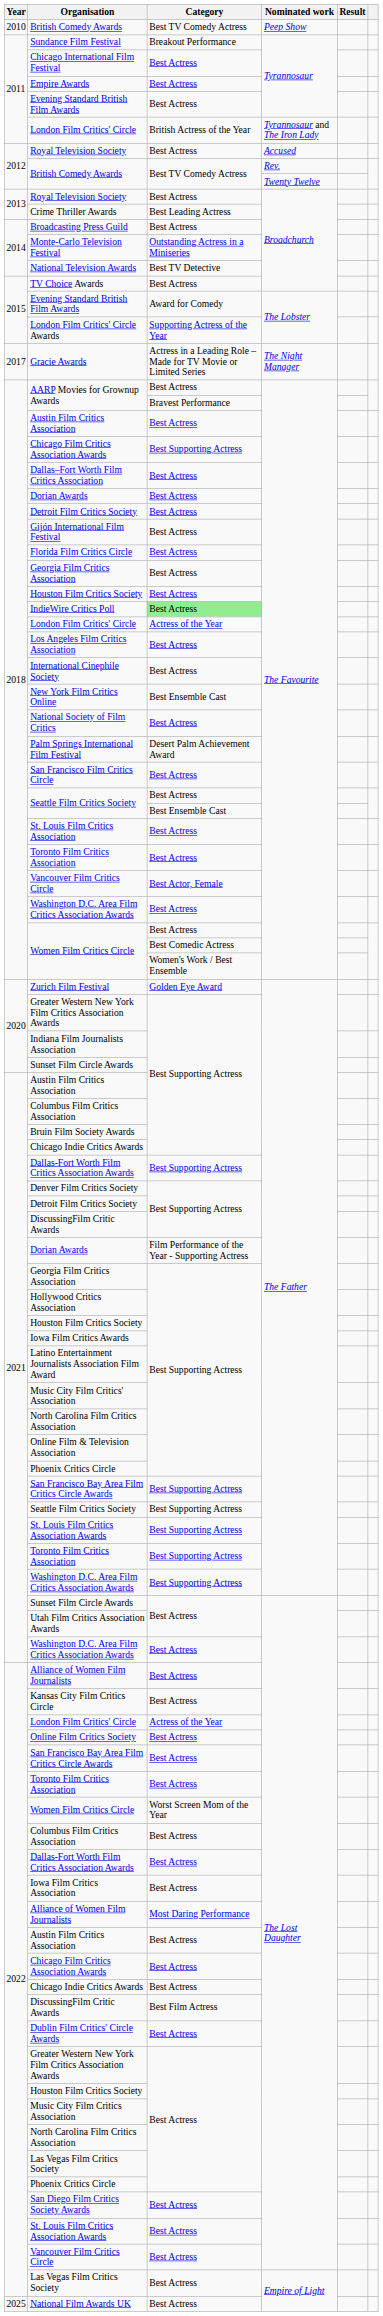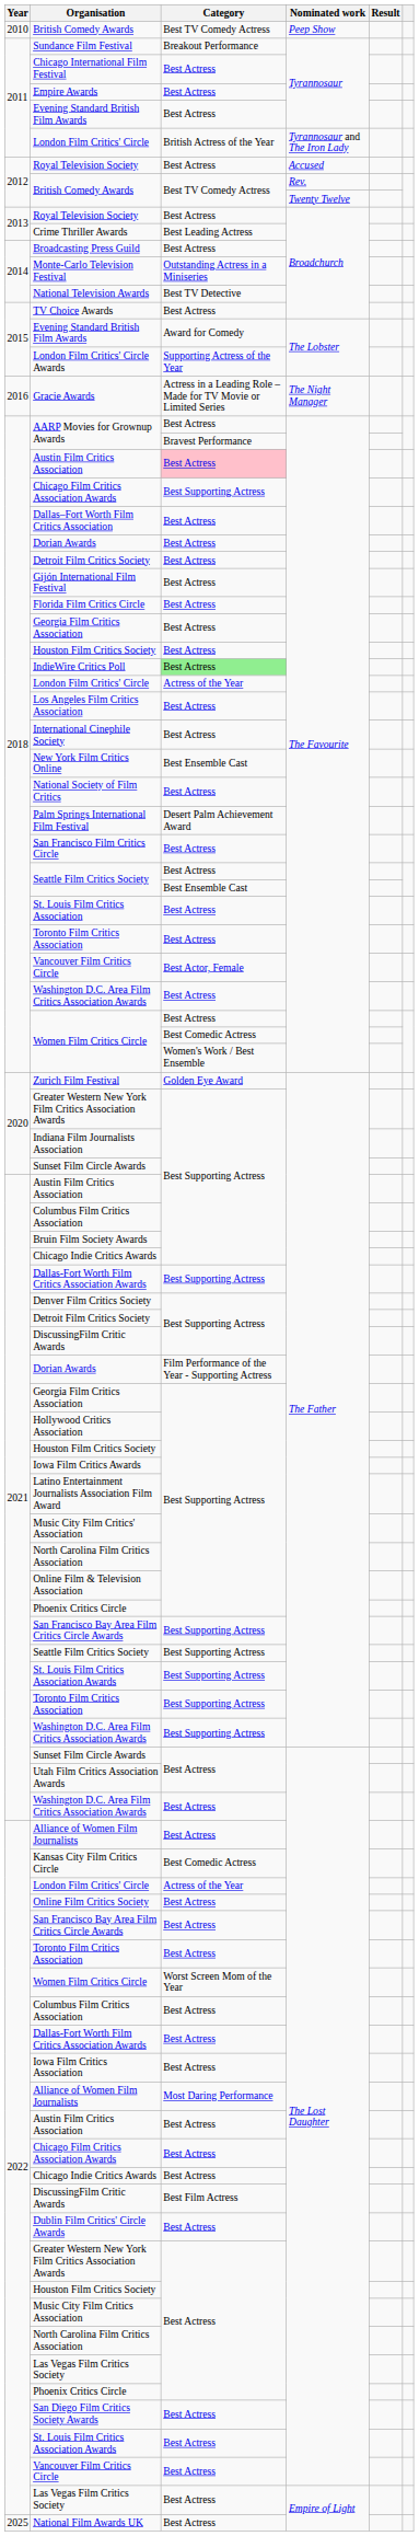 <table class="wikitable sortable" style="width:100%;">
 <tr>
 <th style="width:3%;">Year</th>
 <th style="width:34%;">Organisation</th>
 <th style="width:33%;">Category</th>
 <th style="width:21%;">Nominated work</th>
 <th style="width:6%;">Result</th>
 <th style="width:3%;" class="unsortable"></th>
 </tr>
 <tr>
 <td>2010</td>
 <td><a href='#'>British Comedy Awards</a></td>
 <td>Best TV Comedy Actress</td>
 <td><em><a href='#'>Peep Show</a></em></td>
 <td></td>
 <td style="text-align:center;"></td>
 </tr>
 <tr>
 <td rowspan="5">2011</td>
 <td><a href='#'>Sundance Film Festival</a></td>
 <td>Breakout Performance</td>
 <td rowspan="4"><em><a href='#'>Tyrannosaur</a></em></td>
 <td></td>
 <td style="text-align:center;"></td>
 </tr>
 <tr>
 <td><a href='#'>Chicago International Film Festival</a></td>
 <td><a href='#'>Best Actress</a></td>
 <td></td>
 <td style="text-align:center;"></td>
 </tr>
 <tr>
 <td><a href='#'>Empire Awards</a></td>
 <td><a href='#'>Best Actress</a></td>
 <td></td>
 <td style="text-align:center;"></td>
 </tr>
 <tr>
 <td><a href='#'>Evening Standard British Film Awards</a></td>
 <td>Best Actress</td>
 <td></td>
 <td style="text-align:center;"></td>
 </tr>
 <tr>
 <td><a href='#'>London Film Critics' Circle</a></td>
 <td>British Actress of the Year</td>
 <td><em><a href='#'>Tyrannosaur</a></em> and <em><a href='#'>The Iron Lady</a></em></td>
 <td></td>
 <td style="text-align:center;"></td>
 </tr>
 <tr>
 <td rowspan="3">2012</td>
 <td><a href='#'>Royal Television Society</a></td>
 <td>Best Actress</td>
 <td><em><a href='#'>Accused</a></em></td>
 <td></td>
 <td style="text-align:center;"></td>
 </tr>
 <tr>
 <td rowspan="2"><a href='#'>British Comedy Awards</a></td>
 <td rowspan="2">Best TV Comedy Actress</td>
 <td><em><a href='#'>Rev.</a></em></td>
 <td></td>
 <td style="text-align:center;" rowspan="2"></td>
 </tr>
 <tr>
 <td rowspan="1"><em><a href='#'>Twenty Twelve</a></em></td>
 <td></td>
 </tr>
 <tr>
 <td rowspan="2">2013</td>
 <td><a href='#'>Royal Television Society</a></td>
 <td>Best Actress</td>
 <td rowspan="6"><em><a href='#'>Broadchurch</a></em></td>
 <td></td>
 <td style="text-align:center;"></td>
 </tr>
 <tr>
 <td>Crime Thriller Awards</td>
 <td>Best Leading Actress</td>
 <td></td>
 <td style="text-align:center;"></td>
 </tr>
 <tr>
 <td rowspan="3">2014</td>
 <td><a href='#'>Broadcasting Press Guild</a></td>
 <td>Best Actress</td>
 <td></td>
 <td style="text-align:center;"></td>
 </tr>
 <tr>
 <td><a href='#'>Monte-Carlo Television Festival</a></td>
 <td><a href='#'>Outstanding Actress in a Miniseries</a></td>
 <td></td>
 <td></td>
 </tr>
 <tr>
 <td><a href='#'>National Television Awards</a></td>
 <td>Best TV Detective</td>
 <td></td>
 <td style="text-align:center;"></td>
 </tr>
 <tr>
 <td rowspan="3">2015</td>
 <td><a href='#'>TV Choice</a> Awards</td>
 <td>Best Actress</td>
 <td></td>
 <td style="text-align:center;"></td>
 </tr>
 <tr>
 <td><a href='#'>Evening Standard British Film Awards</a></td>
 <td>Award for Comedy</td>
 <td rowspan="2"><em><a href='#'>The Lobster</a></em></td>
 <td></td>
 <td style="text-align:center;"></td>
 </tr>
 <tr>
 <td><a href='#'>London Film Critics' Circle</a> Awards</td>
 <td><a href='#'>Supporting Actress of the Year</a></td>
 <td></td>
 <td style="text-align:center;"></td>
 </tr>
 <tr>
-<td>2017</td>
+<td>2016</td>
 <td><a href='#'>Gracie Awards</a></td>
 <td>Actress in a Leading Role – Made for TV Movie or Limited Series</td>
 <td><em><a href='#'>The Night Manager</a></em></td>
 <td></td>
 <td style="text-align:center;"></td>
 </tr>
 <tr>
 <td rowspan="28">2018</td>
 <td rowspan="2"><a href='#'>AARP</a> Movies for Grownup Awards</td>
 <td>Best Actress</td>
 <td rowspan="28"><em><a href='#'>The Favourite</a></em></td>
 <td></td>
 <td style="text-align:center;" rowspan="2"></td>
 </tr>
 <tr>
 <td>Bravest Performance</td>
 <td></td>
 </tr>
 <tr>
 <td><a href='#'>Austin Film Critics Association</a></td>
-<td><a href='#'>Best Actress</a></td>
+<td style="background: pink;"><a href='#'>Best Actress</a></td>
 <td></td>
 <td style="text-align:center;"></td>
 </tr>
 <tr>
 <td><a href='#'>Chicago Film Critics Association Awards</a></td>
 <td><a href='#'>Best Supporting Actress</a></td>
 <td></td>
 <td style="text-align:center;"></td>
 </tr>
 <tr>
 <td><a href='#'>Dallas–Fort Worth Film Critics Association</a></td>
 <td><a href='#'>Best Actress</a></td>
 <td></td>
 <td style="text-align:center;"></td>
 </tr>
 <tr>
 <td><a href='#'>Dorian Awards</a></td>
 <td><a href='#'>Best Actress</a></td>
 <td></td>
 <td style="text-align:center;"></td>
 </tr>
 <tr>
 <td><a href='#'>Detroit Film Critics Society</a></td>
 <td><a href='#'>Best Actress</a></td>
 <td></td>
 <td style="text-align:center;"></td>
 </tr>
 <tr>
 <td><a href='#'>Gijón International Film Festival</a></td>
 <td>Best Actress</td>
 <td></td>
 <td style="text-align:center;"></td>
 </tr>
 <tr>
 <td><a href='#'>Florida Film Critics Circle</a></td>
 <td><a href='#'>Best Actress</a></td>
 <td></td>
 <td style="text-align:center;"></td>
 </tr>
 <tr>
 <td><a href='#'>Georgia Film Critics Association</a></td>
 <td>Best Actress</td>
 <td></td>
 <td style="text-align:center;"></td>
 </tr>
 <tr>
 <td><a href='#'>Houston Film Critics Society</a></td>
 <td><a href='#'>Best Actress</a></td>
 <td></td>
 <td style="text-align:center;"></td>
 </tr>
 <tr>
 <td><a href='#'>IndieWire Critics Poll</a></td>
 <td style="background: lightgreen;">Best Actress</td>
 <td></td>
 <td style="text-align:center;"></td>
 </tr>
 <tr>
 <td><a href='#'>London Film Critics' Circle</a></td>
 <td><a href='#'>Actress of the Year</a></td>
 <td></td>
 <td style="text-align:center;"></td>
 </tr>
 <tr>
 <td><a href='#'>Los Angeles Film Critics Association</a></td>
 <td><a href='#'>Best Actress</a></td>
 <td></td>
 <td style="text-align:center;"></td>
 </tr>
 <tr>
 <td><a href='#'>International Cinephile Society</a></td>
 <td>Best Actress</td>
 <td></td>
 <td style="text-align:center;"></td>
 </tr>
 <tr>
 <td><a href='#'>New York Film Critics Online</a></td>
 <td>Best Ensemble Cast</td>
 <td></td>
 <td style="text-align:center;"><br></td>
 </tr>
 <tr>
 <td><a href='#'>National Society of Film Critics</a></td>
 <td><a href='#'>Best Actress</a></td>
 <td></td>
 <td style="text-align:center;"><br></td>
 </tr>
 <tr>
 <td><a href='#'>Palm Springs International Film Festival</a></td>
 <td>Desert Palm Achievement Award</td>
 <td></td>
 <td style="text-align:center;"><br></td>
 </tr>
 <tr>
 <td><a href='#'>San Francisco Film Critics Circle</a></td>
 <td><a href='#'>Best Actress</a></td>
 <td></td>
 <td style="text-align:center;"></td>
 </tr>
 <tr>
 <td rowspan="2"><a href='#'>Seattle Film Critics Society</a></td>
 <td>Best Actress</td>
 <td></td>
 <td style="text-align:center;" rowspan="2"><br></td>
 </tr>
 <tr>
 <td>Best Ensemble Cast</td>
 <td></td>
 </tr>
 <tr>
 <td><a href='#'>St. Louis Film Critics Association</a></td>
 <td><a href='#'>Best Actress</a></td>
 <td></td>
 <td style="text-align:center;"></td>
 </tr>
 <tr>
 <td><a href='#'>Toronto Film Critics Association</a></td>
 <td><a href='#'>Best Actress</a></td>
 <td></td>
 <td style="text-align:center;"></td>
 </tr>
 <tr>
 <td><a href='#'>Vancouver Film Critics Circle</a></td>
 <td><a href='#'>Best Actor, Female</a></td>
 <td></td>
 <td style="text-align:center;"><br></td>
 </tr>
 <tr>
 <td><a href='#'>Washington D.C. Area Film Critics Association Awards</a></td>
 <td><a href='#'>Best Actress</a></td>
 <td></td>
 <td style="text-align:center;"></td>
 </tr>
 <tr>
 <td rowspan="3"><a href='#'>Women Film Critics Circle</a></td>
 <td>Best Actress</td>
 <td></td>
 <td style="text-align:center;" rowspan="3"><br></td>
 </tr>
 <tr>
 <td>Best Comedic Actress</td>
 <td></td>
 </tr>
 <tr>
 <td>Women's Work / Best Ensemble</td>
 <td></td>
 </tr>
 <tr>
 <td rowspan=4>2020</td>
 <td><a href='#'>Zurich Film Festival</a></td>
 <td><a href='#'>Golden Eye Award</a></td>
 <td rowspan=27><em><a href='#'>The Father</a></em></td>
 <td></td>
 <td style="text-align:center;"></td>
 </tr>
 <tr>
 <td>Greater Western New York Film Critics Association Awards</td>
 <td rowspan="7">Best Supporting Actress</td>
 <td></td>
 <td></td>
 </tr>
 <tr>
 <td>Indiana Film Journalists Association</td>
 <td></td>
 <td></td>
 </tr>
 <tr>
 <td>Sunset Film Circle Awards</td>
 <td></td>
 <td></td>
 </tr>
 <tr>
 <td rowspan="26">2021</td>
 <td>Austin Film Critics Association</td>
 <td></td>
 <td></td>
 </tr>
 <tr>
 <td>Columbus Film Critics Association</td>
 <td></td>
 <td></td>
 </tr>
 <tr>
 <td>Bruin Film Society Awards</td>
 <td></td>
 <td></td>
 </tr>
 <tr>
 <td>Chicago Indie Critics Awards</td>
 <td></td>
 <td></td>
 </tr>
 <tr>
 <td><a href='#'>Dallas-Fort Worth Film Critics Association Awards</a></td>
 <td><a href='#'>Best Supporting Actress</a></td>
 <td></td>
 <td></td>
 </tr>
 <tr>
 <td>Denver Film Critics Society</td>
 <td rowspan="3">Best Supporting Actress</td>
 <td></td>
 <td></td>
 </tr>
 <tr>
 <td>Detroit Film Critics Society</td>
 <td></td>
 <td></td>
 </tr>
 <tr>
 <td>DiscussingFilm Critic Awards</td>
 <td></td>
 <td></td>
 </tr>
 <tr>
 <td><a href='#'>Dorian Awards</a></td>
 <td>Film Performance of the Year - Supporting Actress</td>
 <td></td>
 <td></td>
 </tr>
 <tr>
 <td>Georgia Film Critics Association</td>
 <td rowspan="9">Best Supporting Actress</td>
 <td></td>
 <td></td>
 </tr>
 <tr>
 <td>Hollywood Critics Association</td>
 <td></td>
 <td></td>
 </tr>
 <tr>
 <td>Houston Film Critics Society</td>
 <td></td>
 <td></td>
 </tr>
 <tr>
 <td>Iowa Film Critics Awards</td>
 <td></td>
 <td></td>
 </tr>
 <tr>
 <td>Latino Entertainment Journalists Association Film Award</td>
 <td></td>
 <td></td>
 </tr>
 <tr>
 <td>Music City Film Critics' Association</td>
 <td></td>
 <td></td>
 </tr>
 <tr>
 <td>North Carolina Film Critics Association</td>
 <td></td>
 <td></td>
 </tr>
 <tr>
 <td>Online Film & Television Association</td>
 <td></td>
 <td></td>
 </tr>
 <tr>
 <td>Phoenix Critics Circle</td>
 <td></td>
 <td></td>
 </tr>
 <tr>
 <td><a href='#'>San Francisco Bay Area Film Critics Circle Awards</a></td>
 <td><a href='#'>Best Supporting Actress</a></td>
 <td></td>
 <td></td>
 </tr>
 <tr>
 <td>Seattle Film Critics Society</td>
 <td>Best Supporting Actress</td>
 <td></td>
 <td></td>
 </tr>
 <tr>
 <td><a href='#'>St. Louis Film Critics Association Awards</a></td>
 <td><a href='#'>Best Supporting Actress</a></td>
 <td></td>
 <td></td>
 </tr>
 <tr>
 <td><a href='#'>Toronto Film Critics Association</a></td>
 <td><a href='#'>Best Supporting Actress</a></td>
 <td></td>
 <td></td>
 </tr>
 <tr>
 <td><a href='#'>Washington D.C. Area Film Critics Association Awards</a></td>
 <td><a href='#'>Best Supporting Actress</a></td>
 <td></td>
 <td></td>
 </tr>
 <tr>
 <td>Sunset Film Circle Awards</td>
 <td rowspan="2">Best Actress</td>
 <td rowspan="28"><em><a href='#'>The Lost Daughter</a></em></td>
 <td></td>
 <td style="text-align:center;"></td>
 </tr>
 <tr>
 <td>Utah Film Critics Association Awards</td>
 <td></td>
 <td style="text-align:center;"></td>
 </tr>
 <tr>
 <td><a href='#'>Washington D.C. Area Film Critics Association Awards</a></td>
 <td><a href='#'>Best Actress</a></td>
 <td></td>
 <td style="text-align:center;"></td>
 </tr>
 <tr>
 <td rowspan="26">2022</td>
 <td><a href='#'>Alliance of Women Film Journalists</a></td>
 <td><a href='#'>Best Actress</a></td>
 <td></td>
 <td style="text-align:center;"></td>
 </tr>
 <tr>
 <td>Kansas City Film Critics Circle</td>
-<td>Best Actress</td>
+<td>Best Comedic Actress</td>
 <td></td>
 <td></td>
 </tr>
 <tr>
 <td><a href='#'>London Film Critics' Circle</a></td>
 <td><a href='#'>Actress of the Year</a></td>
 <td></td>
 <td style="text-align:center;"></td>
 </tr>
 <tr>
 <td><a href='#'>Online Film Critics Society</a></td>
 <td><a href='#'>Best Actress</a></td>
 <td></td>
 <td style="text-align:center;"></td>
 </tr>
 <tr>
 <td><a href='#'>San Francisco Bay Area Film Critics Circle Awards</a></td>
 <td><a href='#'>Best Actress</a></td>
 <td></td>
 <td style="text-align:center;"></td>
 </tr>
 <tr>
 <td><a href='#'>Toronto Film Critics Association</a></td>
 <td><a href='#'>Best Actress</a></td>
 <td></td>
 <td style="text-align:center;"></td>
 </tr>
 <tr>
 <td><a href='#'>Women Film Critics Circle</a></td>
 <td>Worst Screen Mom of the Year</td>
 <td></td>
 <td style="text-align:center;"></td>
 </tr>
 <tr>
 <td>Columbus Film Critics Association</td>
 <td>Best Actress</td>
 <td></td>
 <td style="text-align:center;"></td>
 </tr>
 <tr>
 <td><a href='#'>Dallas-Fort Worth Film Critics Association Awards</a></td>
 <td><a href='#'>Best Actress</a></td>
 <td></td>
 <td style="text-align:center;"></td>
 </tr>
 <tr>
 <td>Iowa Film Critics Association</td>
 <td>Best Actress</td>
 <td></td>
 <td style="text-align:center;"></td>
 </tr>
 <tr>
 <td><a href='#'>Alliance of Women Film Journalists</a></td>
 <td><a href='#'>Most Daring Performance</a></td>
 <td></td>
 <td style="text-align:center;"></td>
 </tr>
 <tr>
 <td>Austin Film Critics Association</td>
 <td>Best Actress</td>
 <td></td>
 <td style="text-align:center;"></td>
 </tr>
 <tr>
 <td><a href='#'>Chicago Film Critics Association Awards</a></td>
 <td><a href='#'>Best Actress</a></td>
 <td></td>
 <td style="text-align:center;"></td>
 </tr>
 <tr>
 <td>Chicago Indie Critics Awards</td>
 <td>Best Actress</td>
 <td></td>
 <td style="text-align:center;"></td>
 </tr>
 <tr>
 <td>DiscussingFilm Critic Awards</td>
 <td>Best Film Actress</td>
 <td></td>
 <td style="text-align:center;"></td>
 </tr>
 <tr>
 <td><a href='#'>Dublin Film Critics' Circle Awards</a></td>
 <td><a href='#'>Best Actress</a></td>
 <td></td>
 <td style="text-align:center;"></td>
 </tr>
 <tr>
 <td>Greater Western New York Film Critics Association Awards</td>
 <td rowspan="6">Best Actress</td>
 <td></td>
 <td style="text-align:center;"></td>
 </tr>
 <tr>
 <td>Houston Film Critics Society</td>
 <td></td>
 <td style="text-align:center;"></td>
 </tr>
 <tr>
 <td>Music City Film Critics Association</td>
 <td></td>
 <td style="text-align:center;"></td>
 </tr>
 <tr>
 <td>North Carolina Film Critics Association</td>
 <td></td>
 <td style="text-align:center;"></td>
 </tr>
 <tr>
 <td>Las Vegas Film Critics Society</td>
 <td></td>
 <td style="text-align:center;"></td>
 </tr>
 <tr>
 <td>Phoenix Critics Circle</td>
 <td></td>
 <td style="text-align:center;"></td>
 </tr>
 <tr>
 <td><a href='#'>San Diego Film Critics Society Awards</a></td>
 <td><a href='#'>Best Actress</a></td>
 <td></td>
 <td style="text-align:center;"></td>
 </tr>
 <tr>
 <td><a href='#'>St. Louis Film Critics Association Awards</a></td>
 <td><a href='#'>Best Actress</a></td>
 <td></td>
 <td style="text-align:center;"></td>
 </tr>
 <tr>
 <td><a href='#'>Vancouver Film Critics Circle</a></td>
 <td><a href='#'>Best Actress</a></td>
 <td></td>
 <td style="text-align:center;"></td>
 </tr>
 <tr>
 <td>Las Vegas Film Critics Society</td>
 <td>Best Actress</td>
 <td rowspan="2"><em><a href='#'>Empire of Light</a></em></td>
 <td></td>
 <td></td>
 </tr>
 <tr>
 <td>2025</td>
 <td><a href='#'>National Film Awards UK</a></td>
 <td>Best Actress</td>
 <td></td>
 <td></td>
 </tr>
 </table>
